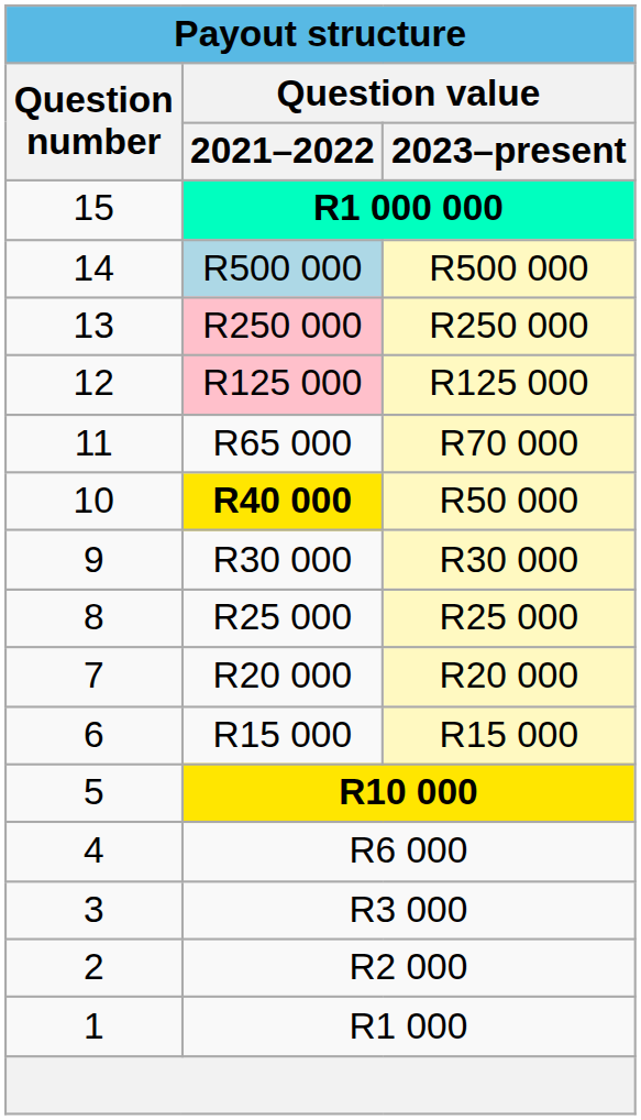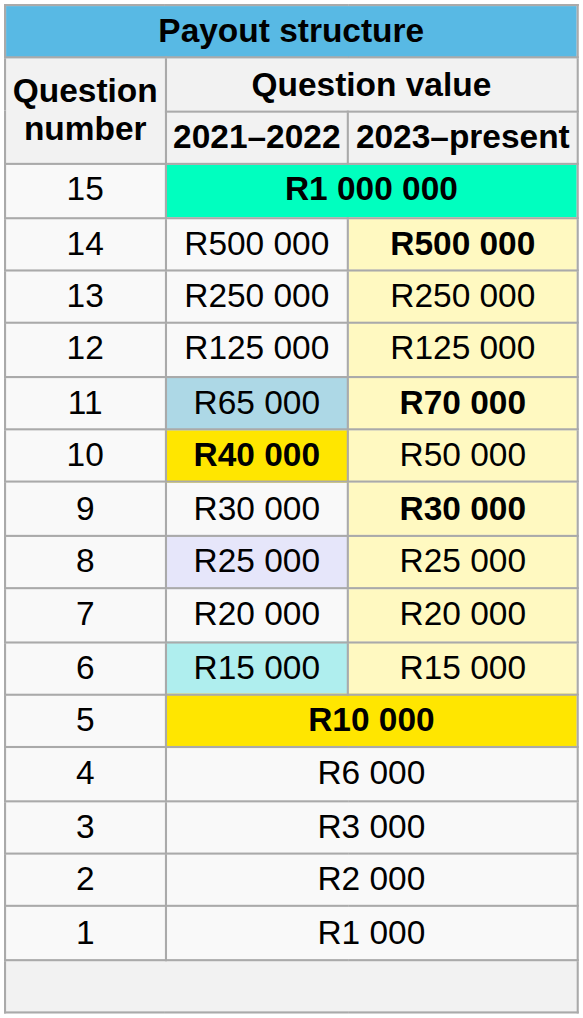 <table class="wikitable" style="text-align: center;">
 <tr>
 <th colspan=3 style="background: #58B9E4">Payout structure</th>
 </tr>
 <tr>
 <th rowspan=2>Question<br>number</th>
 <th colspan=2>Question value</th>
 </tr>
 <tr>
 <th>2021–2022</th>
 <th>2023–present</th>
 </tr>
 <tr>
 <td>15</td>
 <td colspan="2" style="background: #00FFBF"><strong>R1 000 000</strong></td>
 </tr>
 <tr>
 <td>14</td>
-<td style="background: lightblue;">R500 000</td>
-<td style="background: #FFF9C1">R500 000</td>
+<td>R500 000</td>
+<td style="background: #FFF9C1"><strong>R500 000</strong></td>
 </tr>
 <tr>
 <td>13</td>
-<td style="background: pink;">R250 000</td>
+<td>R250 000</td>
 <td style="background: #FFF9C1">R250 000</td>
 </tr>
 <tr>
 <td>12</td>
-<td style="background: pink;">R125 000</td>
+<td>R125 000</td>
 <td style="background: #FFF9C1">R125 000</td>
 </tr>
 <tr>
 <td>11</td>
-<td>R65 000</td>
-<td style="background: #FFF9C1">R70 000</td>
+<td style="background: lightblue;">R65 000</td>
+<td style="background: #FFF9C1"><strong>R70 000</strong></td>
 </tr>
 <tr>
 <td>10</td>
 <td style="background: #FFE600"><strong>R40 000</strong></td>
 <td style="background: #FFF9C1">R50 000</td>
 </tr>
 <tr>
 <td>9</td>
 <td>R30 000</td>
-<td style="background: #FFF9C1">R30 000</td>
+<td style="background: #FFF9C1"><strong>R30 000</strong></td>
 </tr>
 <tr>
 <td>8</td>
-<td>R25 000</td>
+<td style="background: lavender;">R25 000</td>
 <td style="background: #FFF9C1">R25 000</td>
 </tr>
 <tr>
 <td>7</td>
 <td>R20 000</td>
 <td style="background: #FFF9C1">R20 000</td>
 </tr>
 <tr>
 <td>6</td>
-<td>R15 000</td>
+<td style="background: paleturquoise;">R15 000</td>
 <td style="background: #FFF9C1">R15 000</td>
 </tr>
 <tr>
 <td>5</td>
 <td colspan="2" style="background: #FFE600"><strong>R10 000</strong></td>
 </tr>
 <tr>
 <td>4</td>
 <td colspan="2">R6 000</td>
 </tr>
 <tr>
 <td>3</td>
 <td colspan="2">R3 000</td>
 </tr>
 <tr>
 <td>2</td>
 <td colspan="2">R2 000</td>
 </tr>
 <tr>
 <td>1</td>
 <td colspan="2">R1 000</td>
 </tr>
 <tr>
 <th colspan=3 style="text-align:left"><br></th>
 </tr>
 </table>
